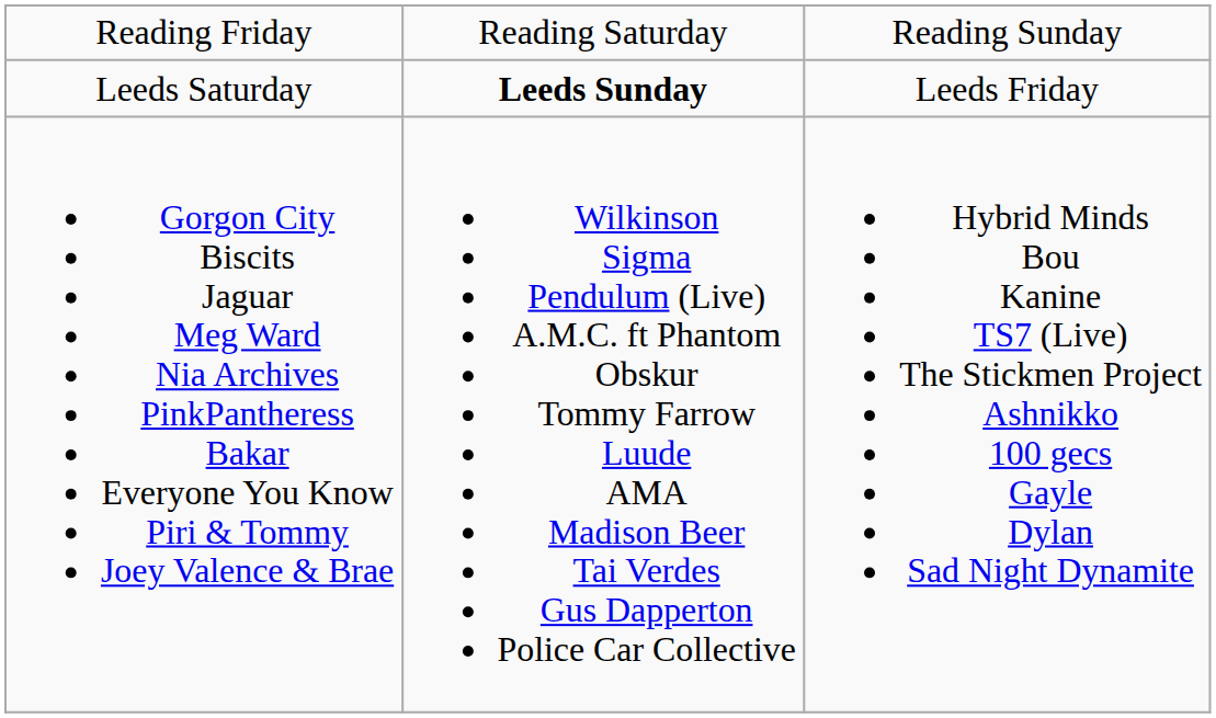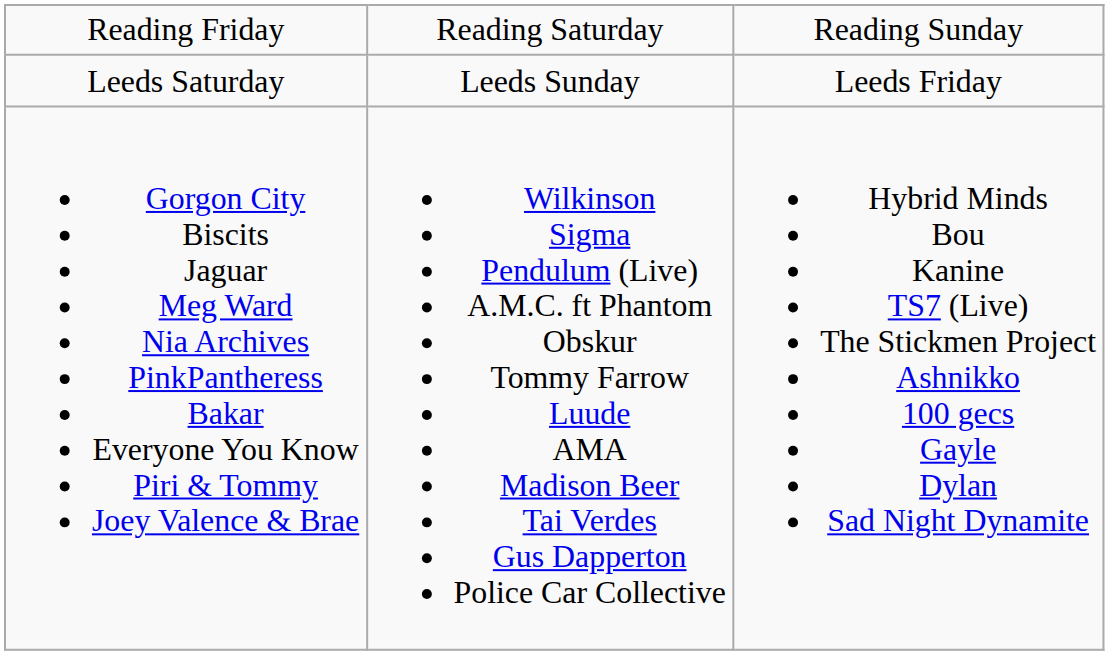 <table class="wikitable" style="text-align:center;">
 <tr>
 <td>Reading Friday</td>
 <td>Reading Saturday</td>
 <td>Reading Sunday</td>
 </tr>
 <tr>
 <td>Leeds Saturday</td>
-<td><strong>Leeds Sunday</strong></td>
+<td>Leeds Sunday</td>
 <td>Leeds Friday</td>
 </tr>
 <tr>
 <td valign="top"><br><ul><li><a href='#'>Gorgon City</a></li><li>Biscits</li><li>Jaguar</li><li><a href='#'>Meg Ward</a></li><li><a href='#'>Nia Archives</a></li><li><a href='#'>PinkPantheress</a></li><li><a href='#'>Bakar</a></li><li>Everyone You Know</li><li><a href='#'>Piri & Tommy</a></li><li><a href='#'>Joey Valence & Brae</a></li></ul></td>
 <td valign="top"><br><ul><li><a href='#'>Wilkinson</a></li><li><a href='#'>Sigma</a></li><li><a href='#'>Pendulum</a> (Live)</li><li>A.M.C. ft Phantom</li><li>Obskur</li><li>Tommy Farrow</li><li><a href='#'>Luude</a></li><li>AMA</li><li><a href='#'>Madison Beer</a></li><li><a href='#'>Tai Verdes</a></li><li><a href='#'>Gus Dapperton</a></li><li>Police Car Collective</li></ul></td>
 <td valign="top"><br><ul><li>Hybrid Minds</li><li>Bou</li><li>Kanine</li><li><a href='#'>TS7</a> (Live)</li><li>The Stickmen Project</li><li><a href='#'>Ashnikko</a></li><li><a href='#'>100 gecs</a></li><li><a href='#'>Gayle</a></li><li><a href='#'>Dylan</a></li><li><a href='#'>Sad Night Dynamite</a></li></ul></td>
 </tr>
 </table>
